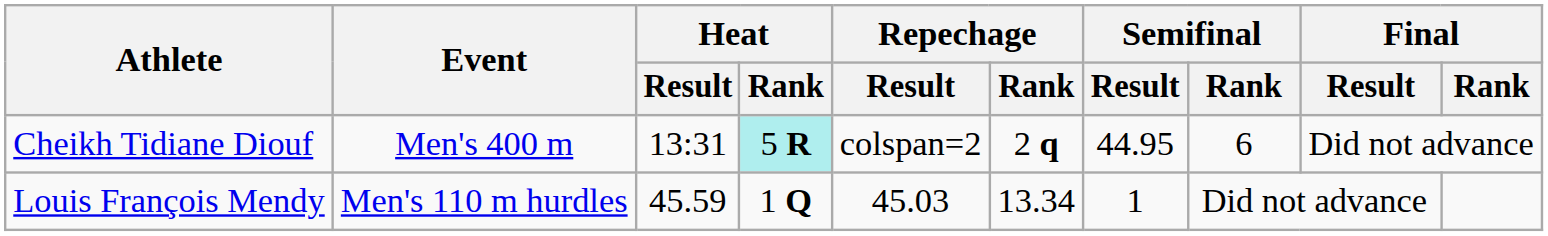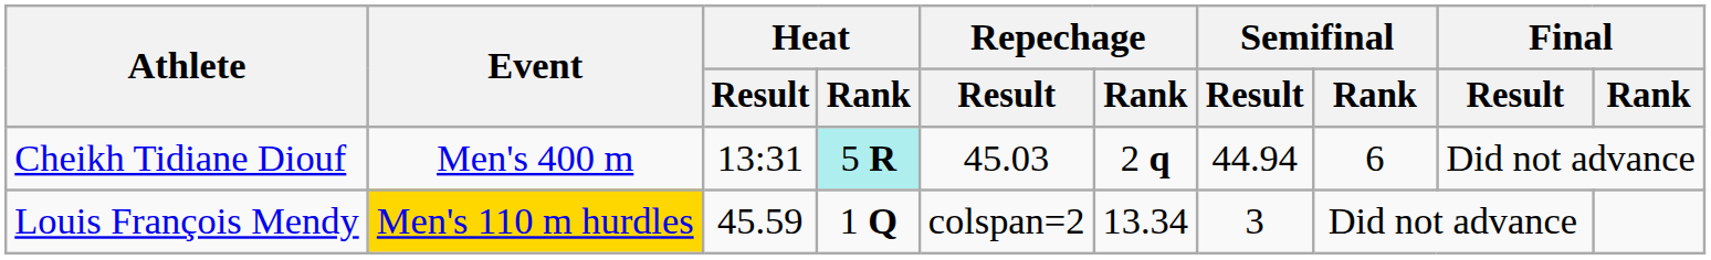 <table class="wikitable" style="font-size:90%">
 <tr>
 <th rowspan="2">Athlete</th>
 <th rowspan="2">Event</th>
 <th colspan="2">Heat</th>
 <th colspan="2">Repechage</th>
 <th colspan="2">Semifinal</th>
 <th colspan="2">Final</th>
 </tr>
 <tr style="font-size:95%">
 <th>Result</th>
 <th>Rank</th>
 <th>Result</th>
 <th>Rank</th>
 <th>Result</th>
 <th>Rank</th>
 <th>Result</th>
 <th>Rank</th>
 </tr>
 <tr align=center>
 <td align="left"><a href='#'>Cheikh Tidiane Diouf</a></td>
 <td><a href='#'>Men's 400 m</a></td>
 <td>13:31</td>
 <td style="background: paleturquoise;">5 <strong>R</strong></td>
-<td>colspan=2 </td>
+<td>45.03</td>
 <td>2 <strong>q</strong></td>
-<td>44.95</td>
+<td>44.94</td>
 <td>6</td>
 <td colspan=2>Did not advance</td>
 </tr>
 <tr align=center>
 <td align=left><a href='#'>Louis François Mendy</a></td>
-<td align=left><a href='#'>Men's 110 m hurdles</a></td>
+<td align=left style="background: gold;"><a href='#'>Men's 110 m hurdles</a></td>
 <td>45.59</td>
 <td>1 <strong>Q</strong></td>
-<td>45.03</td>
+<td>colspan=2 </td>
 <td>13.34</td>
-<td>1</td>
+<td>3</td>
 <td colspan=2>Did not advance</td>
 </tr>
 </table>
